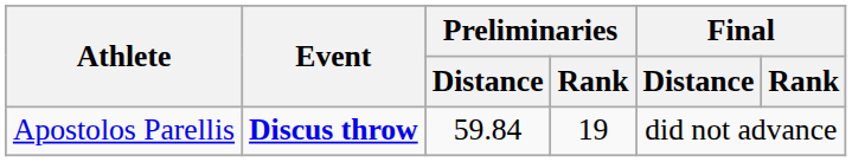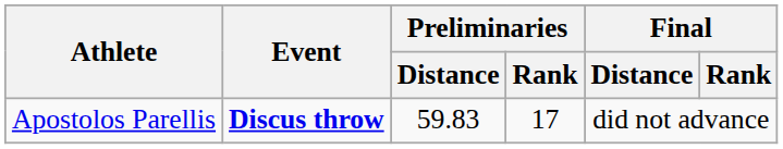 <table class=wikitable style="font-size:90%;">
 <tr>
 <th rowspan=2>Athlete</th>
 <th rowspan=2>Event</th>
 <th colspan=2>Preliminaries</th>
 <th colspan=2>Final</th>
 </tr>
 <tr>
 <th>Distance</th>
 <th>Rank</th>
 <th>Distance</th>
 <th>Rank</th>
 </tr>
 <tr>
 <td><a href='#'>Apostolos Parellis</a></td>
 <td><strong><a href='#'>Discus throw</a></strong></td>
-<td align="center">59.84</td>
-<td align="center">19</td>
+<td align="center">59.83</td>
+<td align="center">17</td>
 <td align=center colspan=2>did not advance</td>
 </tr>
 </table>
